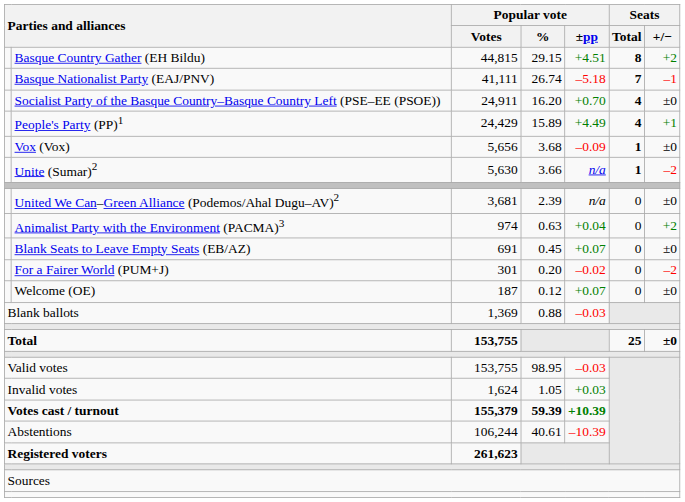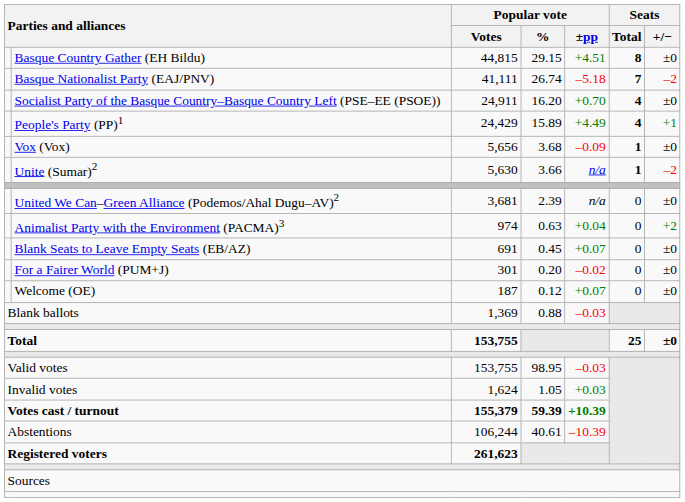 <table class="wikitable" style="text-align:right;">
 <tr>
 <th style="text-align:left;" rowspan="2" colspan="2" width="525">Parties and alliances</th>
 <th colspan="3">Popular vote</th>
 <th colspan="2">Seats</th>
 </tr>
 <tr>
 <th width="75">Votes</th>
 <th width="45">%</th>
 <th width="45">±<a href='#'>pp</a></th>
 <th width="35">Total</th>
 <th width="35">+/−</th>
 </tr>
 <tr>
 <td width="1" style="color:inherit;background:"></td>
 <td align="left"><a href='#'>Basque Country Gather</a> (EH Bildu)</td>
 <td>44,815</td>
 <td>29.15</td>
 <td style="color:green;">+4.51</td>
 <td><strong>8</strong></td>
-<td style="color:green;">+2</td>
+<td>±0</td>
 </tr>
 <tr>
 <td style="color:inherit;background:"></td>
 <td align="left"><a href='#'>Basque Nationalist Party</a> (EAJ/PNV)</td>
 <td>41,111</td>
 <td>26.74</td>
 <td style="color:red;">–5.18</td>
 <td><strong>7</strong></td>
-<td style="color:red;">–1</td>
+<td style="color:red;">–2</td>
 </tr>
 <tr>
 <td style="color:inherit;background:"></td>
 <td align="left"><a href='#'>Socialist Party of the Basque Country–Basque Country Left</a> (PSE–EE (PSOE))</td>
 <td>24,911</td>
 <td>16.20</td>
 <td style="color:green;">+0.70</td>
 <td><strong>4</strong></td>
 <td>±0</td>
 </tr>
 <tr>
 <td style="color:inherit;background:"></td>
 <td align="left"><a href='#'>People's Party</a> (PP)<sup>1</sup></td>
 <td>24,429</td>
 <td>15.89</td>
 <td style="color:green;">+4.49</td>
 <td><strong>4</strong></td>
 <td style="color:green;">+1</td>
 </tr>
 <tr>
 <td style="color:inherit;background:"></td>
 <td align="left"><a href='#'>Vox</a> (Vox)</td>
 <td>5,656</td>
 <td>3.68</td>
 <td style="color:red;">–0.09</td>
 <td><strong>1</strong></td>
 <td>±0</td>
 </tr>
 <tr>
 <td style="color:inherit;background:"></td>
 <td align="left"><a href='#'>Unite</a> (Sumar)<sup>2</sup></td>
 <td>5,630</td>
 <td>3.66</td>
 <td><em><a href='#'>n/a</a></em></td>
 <td><strong>1</strong></td>
 <td style="color:red;">–2</td>
 </tr>
 <tr>
 <td colspan="7" bgcolor="#C0C0C0"></td>
 </tr>
 <tr>
 <td style="color:inherit;background:"></td>
 <td align="left"><a href='#'>United We Can</a>–<a href='#'>Green Alliance</a> (Podemos/Ahal Dugu–AV)<sup>2</sup></td>
 <td>3,681</td>
 <td>2.39</td>
 <td><em>n/a</em></td>
 <td>0</td>
 <td>±0</td>
 </tr>
 <tr>
 <td style="color:inherit;background:"></td>
 <td align="left"><a href='#'>Animalist Party with the Environment</a> (PACMA)<sup>3</sup></td>
 <td>974</td>
 <td>0.63</td>
 <td style="color:green;">+0.04</td>
 <td>0</td>
 <td style="color:green;">+2</td>
 </tr>
 <tr>
 <td style="color:inherit;background:"></td>
 <td align="left"><a href='#'>Blank Seats to Leave Empty Seats</a> (EB/AZ)</td>
 <td>691</td>
 <td>0.45</td>
 <td style="color:green;">+0.07</td>
 <td>0</td>
 <td>±0</td>
 </tr>
 <tr>
 <td style="color:inherit;background:"></td>
 <td align="left"><a href='#'>For a Fairer World</a> (PUM+J)</td>
 <td>301</td>
 <td>0.20</td>
 <td style="color:red;">–0.02</td>
 <td>0</td>
-<td style="color:red;">–2</td>
+<td>±0</td>
 </tr>
 <tr>
 <td style="color:inherit;background:"></td>
 <td align="left">Welcome (OE)</td>
 <td>187</td>
 <td>0.12</td>
 <td style="color:green;">+0.07</td>
 <td>0</td>
 <td>±0</td>
 </tr>
 <tr>
 <td align="left" colspan="2">Blank ballots</td>
 <td>1,369</td>
 <td>0.88</td>
 <td style="color:red;">–0.03</td>
 <td bgcolor="#E9E9E9" colspan="2"></td>
 </tr>
 <tr>
 <td colspan="7" bgcolor="#E9E9E9"></td>
 </tr>
 <tr style="font-weight:bold;">
 <td align="left" colspan="2">Total</td>
 <td>153,755</td>
 <td bgcolor="#E9E9E9" colspan="2"></td>
 <td>25</td>
 <td>±0</td>
 </tr>
 <tr>
 <td colspan="7" bgcolor="#E9E9E9"></td>
 </tr>
 <tr>
 <td align="left" colspan="2">Valid votes</td>
 <td>153,755</td>
 <td>98.95</td>
 <td style="color:red;">–0.03</td>
 <td bgcolor="#E9E9E9" colspan="2" rowspan="5"></td>
 </tr>
 <tr>
 <td align="left" colspan="2">Invalid votes</td>
 <td>1,624</td>
 <td>1.05</td>
 <td style="color:green;">+0.03</td>
 </tr>
 <tr style="font-weight:bold;">
 <td align="left" colspan="2">Votes cast / turnout</td>
 <td>155,379</td>
 <td>59.39</td>
 <td style="color:green;">+10.39</td>
 </tr>
 <tr>
 <td align="left" colspan="2">Abstentions</td>
 <td>106,244</td>
 <td>40.61</td>
 <td style="color:red;">–10.39</td>
 </tr>
 <tr style="font-weight:bold;">
 <td align="left" colspan="2">Registered voters</td>
 <td>261,623</td>
 <td bgcolor="#E9E9E9" colspan="2"></td>
 </tr>
 <tr>
 <td colspan="7" bgcolor="#E9E9E9"></td>
 </tr>
 <tr>
 <td align="left" colspan="7">Sources</td>
 </tr>
 <tr>
 <td colspan="7" style="text-align:left; max-width:790px;"></td>
 </tr>
 </table>
